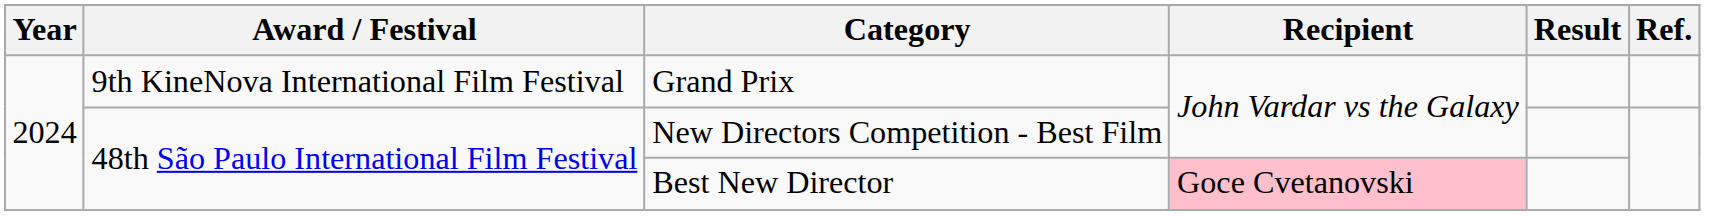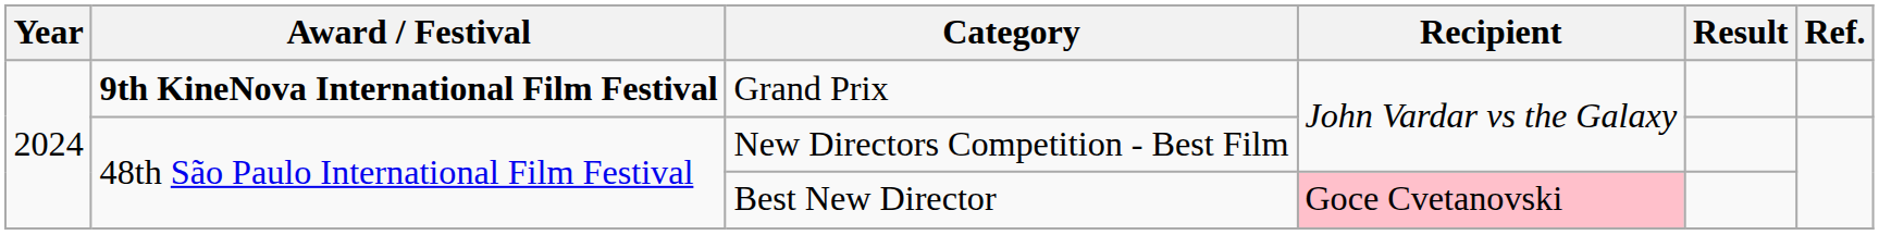 <table class="wikitable">
 <tr>
 <th>Year</th>
 <th>Award / Festival</th>
 <th>Category</th>
 <th>Recipient</th>
 <th>Result</th>
 <th>Ref.</th>
 </tr>
 <tr>
 <td rowspan="3">2024</td>
-<td>9th KineNova International Film Festival</td>
+<td><strong>9th KineNova International Film Festival</strong></td>
 <td>Grand Prix</td>
 <td rowspan="2"><em>John Vardar vs the Galaxy</em></td>
 <td></td>
 <td></td>
 </tr>
 <tr>
 <td rowspan="2">48th <a href='#'>São Paulo International Film Festival</a></td>
 <td>New Directors Competition - Best Film</td>
 <td></td>
 <td rowspan="2"></td>
 </tr>
 <tr>
 <td>Best New Director</td>
 <td style="background: pink;">Goce Cvetanovski</td>
 <td></td>
 </tr>
 </table>
